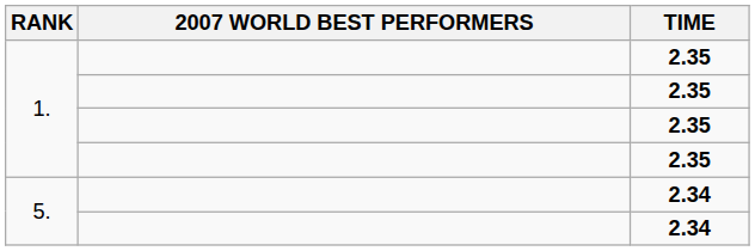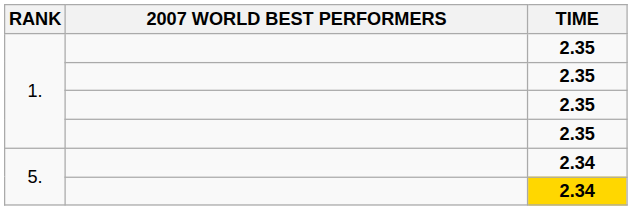 <table class="wikitable" style="border-collapse: collapse; font-size: 90%;">
 <tr>
 <th>RANK</th>
 <th align="center" style="width: 25em">2007 WORLD BEST PERFORMERS</th>
 <th align="center" style="width: 5em">TIME</th>
 </tr>
 <tr>
 <td rowspan=4 align="center">1.</td>
 <td></td>
 <td align="center"><strong>2.35</strong></td>
 </tr>
 <tr>
 <td></td>
 <td align="center"><strong>2.35</strong></td>
 </tr>
 <tr>
 <td></td>
 <td align="center"><strong>2.35</strong></td>
 </tr>
 <tr>
 <td></td>
 <td align="center"><strong>2.35</strong></td>
 </tr>
 <tr>
 <td rowspan=2 align="center">5.</td>
 <td></td>
 <td align="center"><strong>2.34</strong></td>
 </tr>
 <tr>
 <td></td>
-<td align="center"><strong>2.34</strong></td>
+<td align="center" style="background: gold;"><strong>2.34</strong></td>
 </tr>
 </table>
